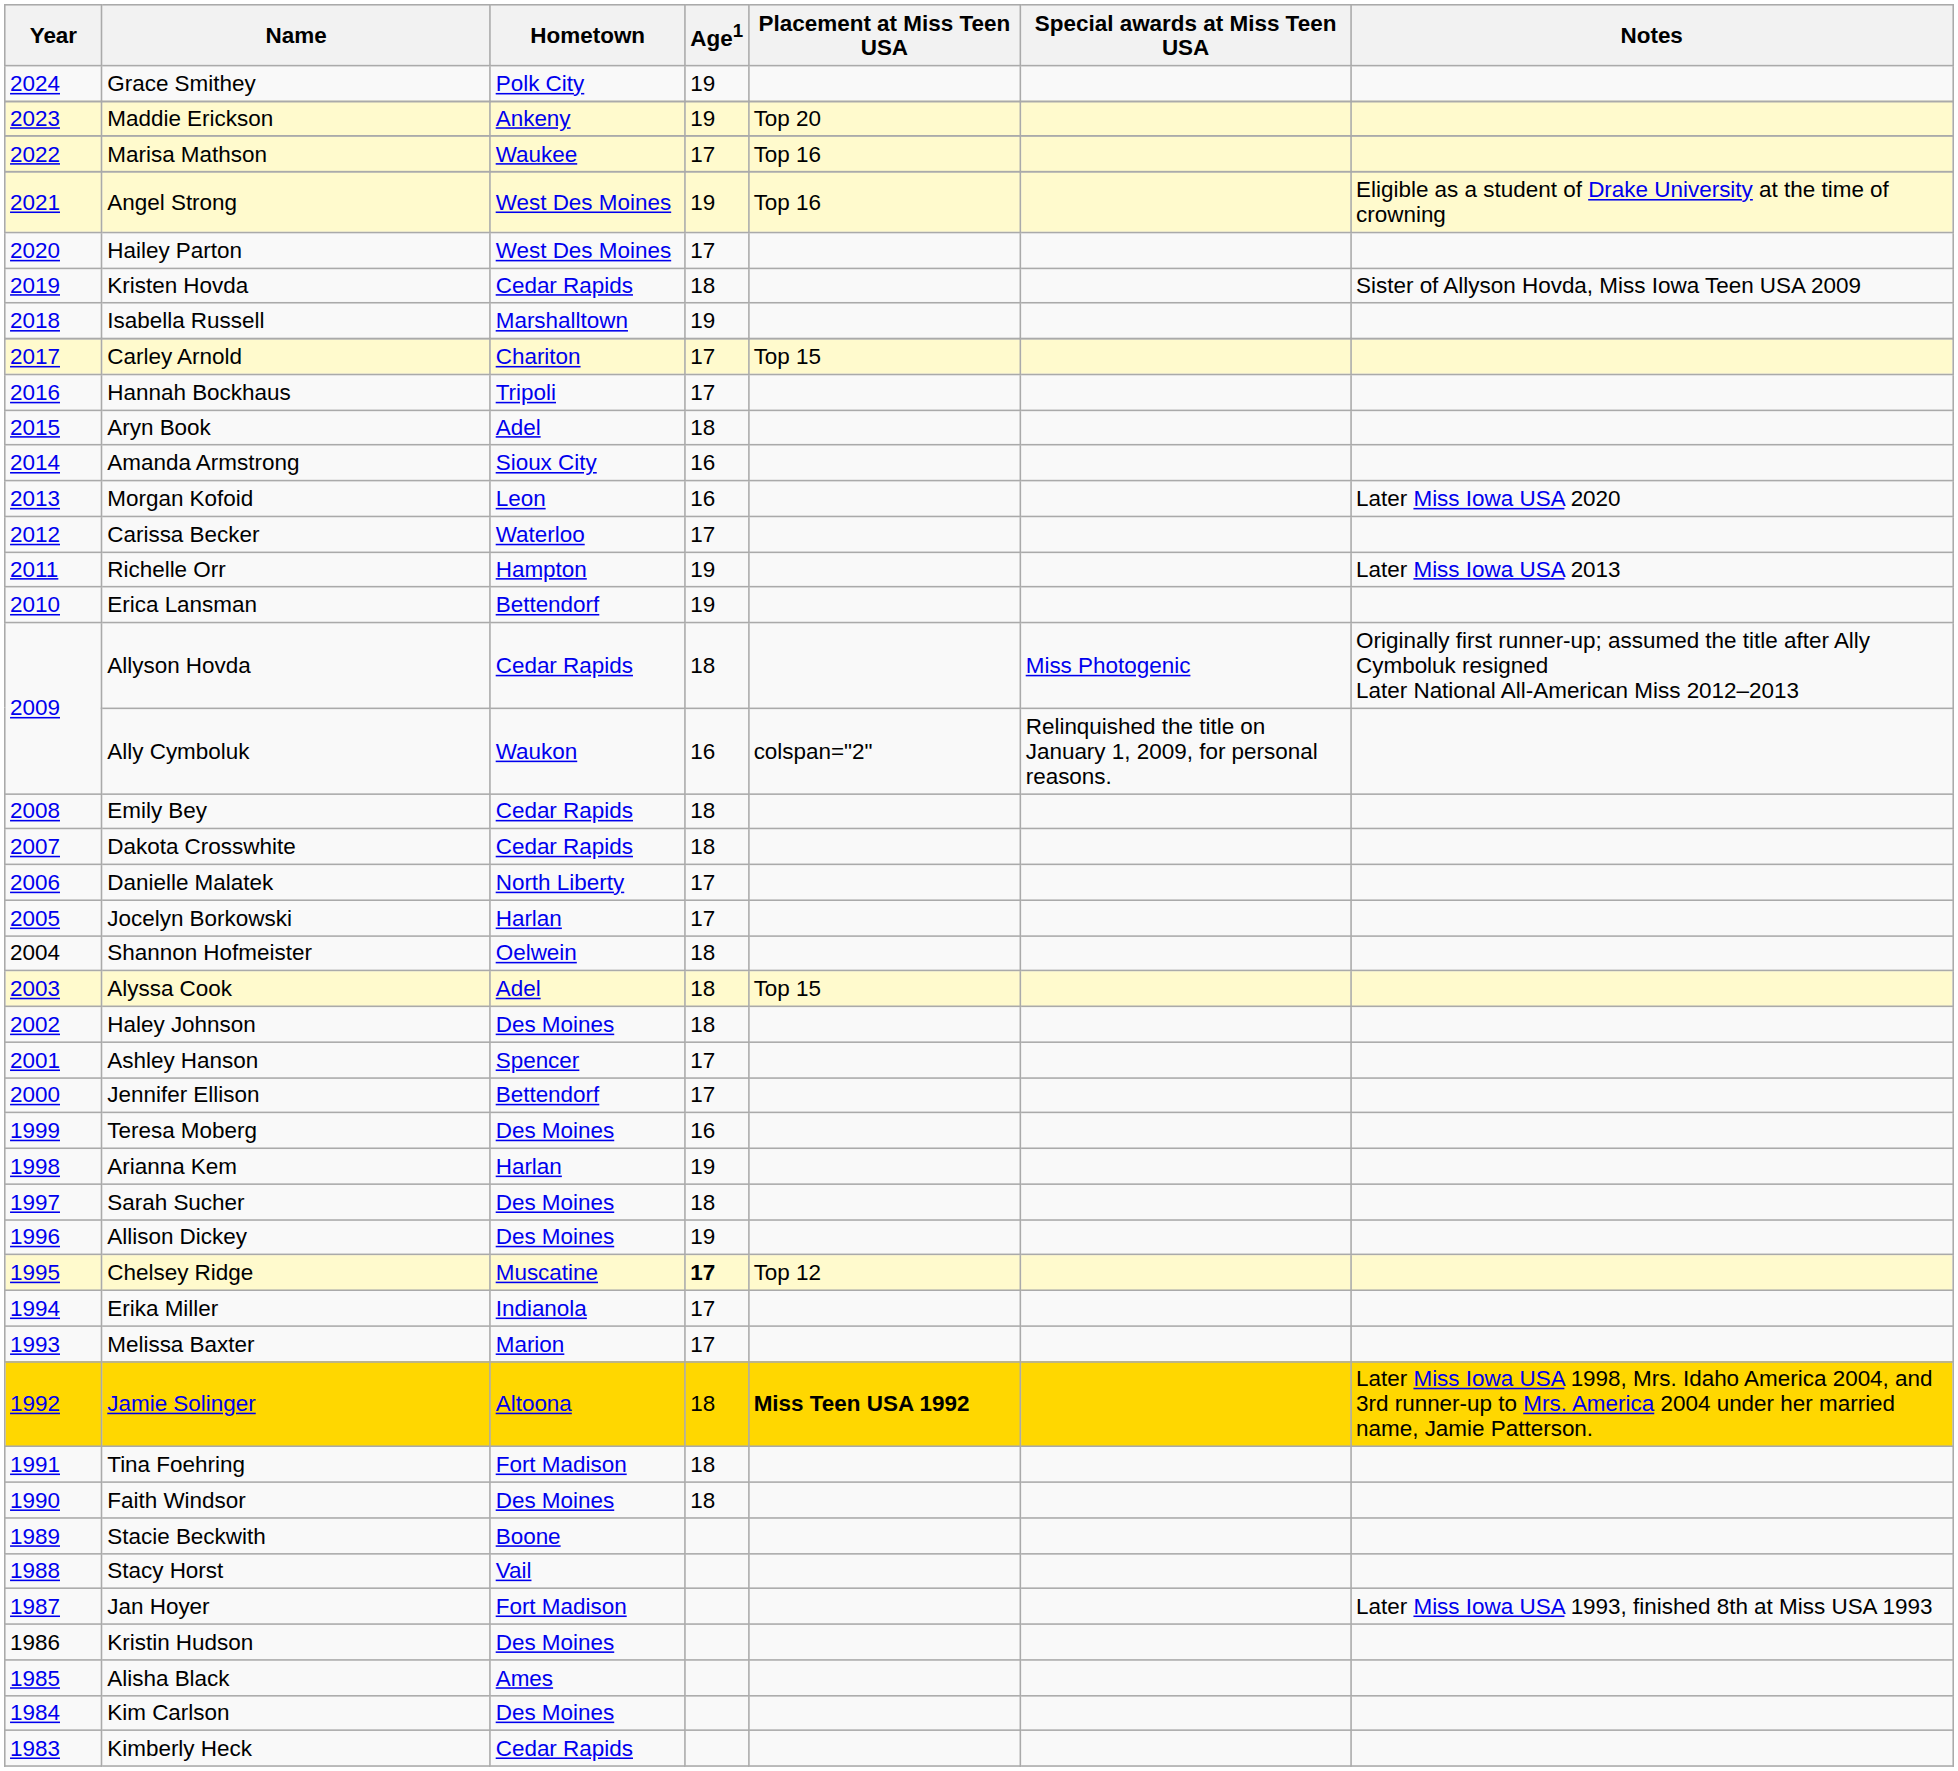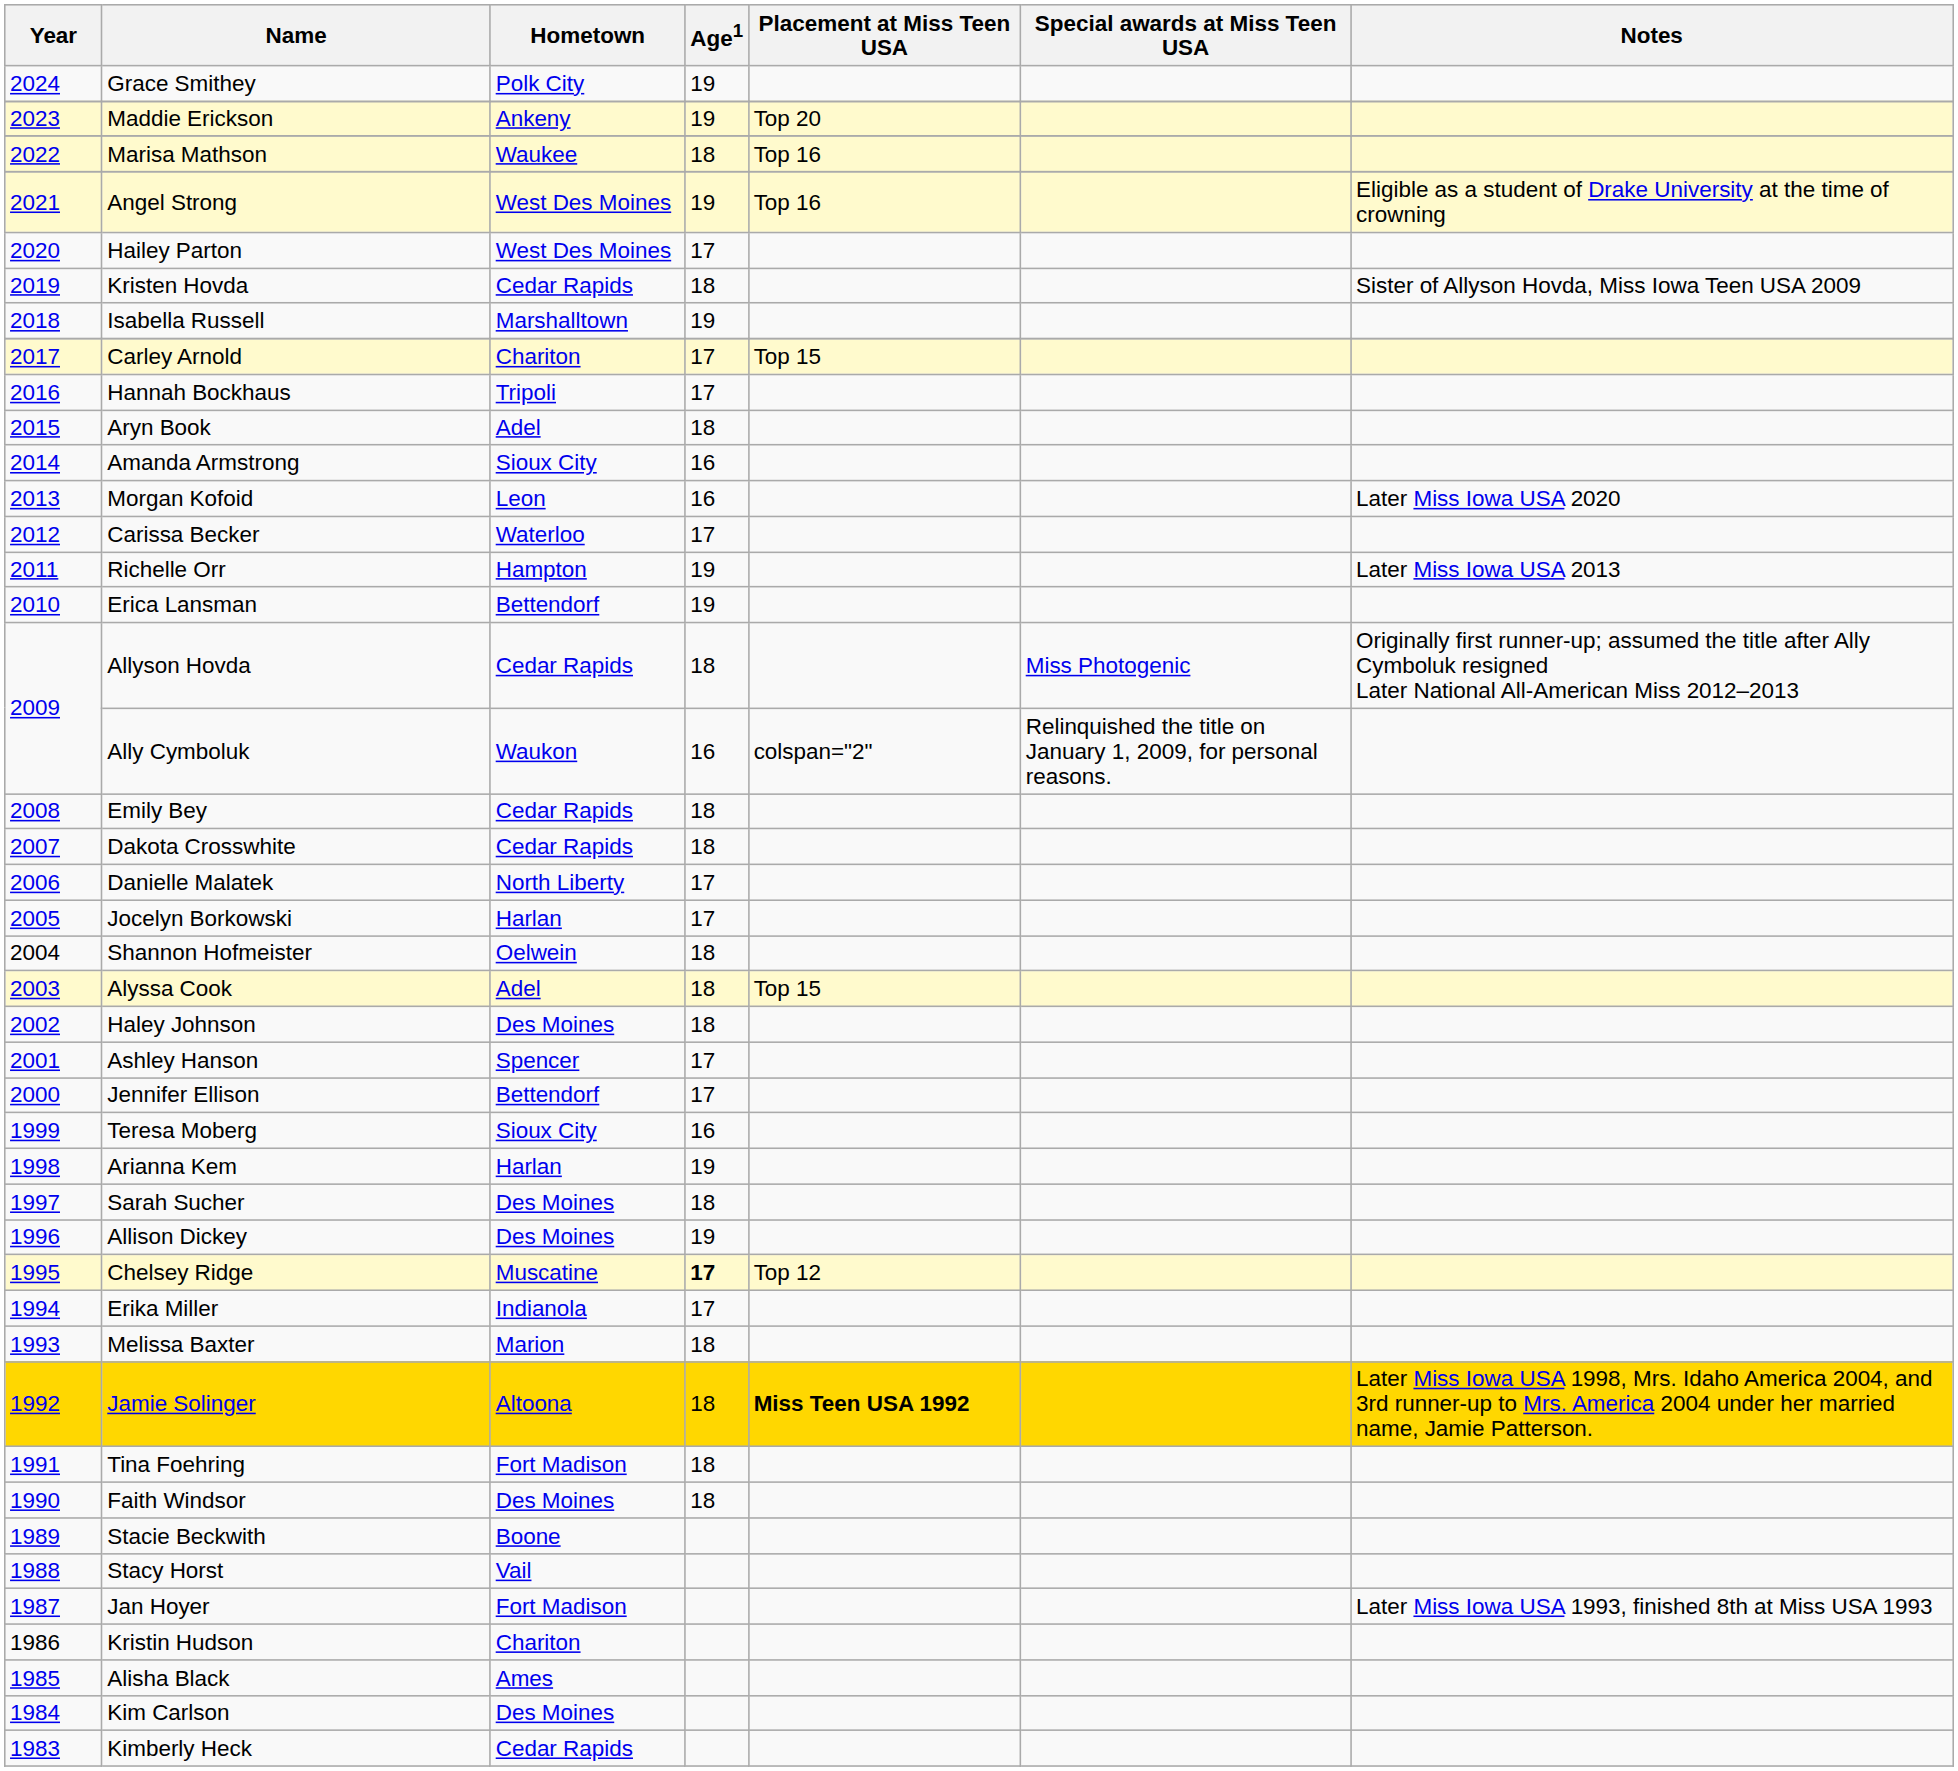 <table class="wikitable sortable" style="font-size:90%;">
 <tr bgcolor="#efefef">
 <th width=5%>Year</th>
 <th width=20%>Name</th>
 <th width=10%>Hometown</th>
 <th width=3%>Age<sup>1</sup></th>
 <th width=14%>Placement at Miss Teen USA</th>
 <th width=17%>Special awards at Miss Teen  USA</th>
 <th width=31%>Notes</th>
 </tr>
 <tr>
 <td><a href='#'>2024</a></td>
 <td>Grace Smithey</td>
 <td><a href='#'>Polk City</a></td>
 <td>19</td>
 <td></td>
 <td></td>
 <td></td>
 </tr>
 <tr>
 </tr>
 <tr style="background-color:#FFFACD">
 <td><a href='#'>2023</a></td>
 <td>Maddie Erickson</td>
 <td><a href='#'>Ankeny</a></td>
 <td>19</td>
 <td>Top 20</td>
 <td></td>
 <td></td>
 </tr>
 <tr>
 </tr>
 <tr style="background-color:#FFFACD">
 <td><a href='#'>2022</a></td>
 <td>Marisa Mathson</td>
 <td><a href='#'>Waukee</a></td>
-<td>17</td>
+<td>18</td>
 <td>Top 16</td>
 <td></td>
 <td></td>
 </tr>
 <tr>
 </tr>
 <tr style="background-color:#FFFACD">
 <td><a href='#'>2021</a></td>
 <td>Angel Strong</td>
 <td><a href='#'>West Des Moines</a></td>
 <td>19</td>
 <td>Top 16</td>
 <td></td>
 <td>Eligible as a student of <a href='#'>Drake University</a> at the time of crowning</td>
 </tr>
 <tr>
 <td><a href='#'>2020</a></td>
 <td>Hailey Parton</td>
 <td><a href='#'>West Des Moines</a></td>
 <td>17</td>
 <td></td>
 <td></td>
 <td></td>
 </tr>
 <tr>
 <td><a href='#'>2019</a></td>
 <td>Kristen Hovda</td>
 <td><a href='#'>Cedar Rapids</a></td>
 <td>18</td>
 <td></td>
 <td></td>
 <td>Sister of Allyson Hovda, Miss Iowa Teen USA 2009</td>
 </tr>
 <tr>
 <td><a href='#'>2018</a></td>
 <td>Isabella Russell</td>
 <td><a href='#'>Marshalltown</a></td>
 <td>19</td>
 <td></td>
 <td></td>
 <td></td>
 </tr>
 <tr>
 </tr>
 <tr style="background-color:#FFFACD;">
 <td><a href='#'>2017</a></td>
 <td>Carley Arnold</td>
 <td><a href='#'>Chariton</a></td>
 <td>17</td>
 <td>Top 15</td>
 <td></td>
 <td></td>
 </tr>
 <tr>
 <td><a href='#'>2016</a></td>
 <td>Hannah Bockhaus</td>
 <td><a href='#'>Tripoli</a></td>
 <td>17</td>
 <td></td>
 <td></td>
 <td></td>
 </tr>
 <tr>
 <td><a href='#'>2015</a></td>
 <td>Aryn Book</td>
 <td><a href='#'>Adel</a></td>
 <td>18</td>
 <td></td>
 <td></td>
 <td></td>
 </tr>
 <tr>
 <td><a href='#'>2014</a></td>
 <td>Amanda Armstrong</td>
 <td><a href='#'>Sioux City</a></td>
 <td>16</td>
 <td></td>
 <td></td>
 <td></td>
 </tr>
 <tr>
 <td><a href='#'>2013</a></td>
 <td>Morgan Kofoid</td>
 <td><a href='#'>Leon</a></td>
 <td>16</td>
 <td></td>
 <td></td>
 <td>Later <a href='#'>Miss Iowa USA</a> 2020</td>
 </tr>
 <tr>
 <td><a href='#'>2012</a></td>
 <td>Carissa Becker</td>
 <td><a href='#'>Waterloo</a></td>
 <td>17</td>
 <td></td>
 <td></td>
 <td></td>
 </tr>
 <tr>
 <td><a href='#'>2011</a></td>
 <td>Richelle Orr </td>
 <td><a href='#'>Hampton</a></td>
 <td>19</td>
 <td></td>
 <td></td>
 <td>Later <a href='#'>Miss Iowa USA</a> 2013</td>
 </tr>
 <tr>
 <td><a href='#'>2010</a></td>
 <td>Erica Lansman</td>
 <td><a href='#'>Bettendorf</a></td>
 <td>19</td>
 <td></td>
 <td></td>
 <td></td>
 </tr>
 <tr>
 <td rowspan=2><a href='#'>2009</a></td>
 <td>Allyson Hovda</td>
 <td><a href='#'>Cedar Rapids</a></td>
 <td>18</td>
 <td></td>
 <td><a href='#'>Miss Photogenic</a></td>
 <td>Originally first runner-up; assumed the title after Ally Cymboluk resigned<br>Later National All-American Miss 2012–2013</td>
 </tr>
 <tr>
 <td>Ally Cymboluk</td>
 <td><a href='#'>Waukon</a></td>
 <td>16</td>
 <td>colspan="2" </td>
 <td>Relinquished the title on January 1, 2009, for personal reasons.</td>
 </tr>
 <tr>
 <td><a href='#'>2008</a></td>
 <td>Emily Bey</td>
 <td><a href='#'>Cedar Rapids</a></td>
 <td>18</td>
 <td></td>
 <td></td>
 <td></td>
 </tr>
 <tr>
 <td><a href='#'>2007</a></td>
 <td>Dakota Crosswhite</td>
 <td><a href='#'>Cedar Rapids</a></td>
 <td>18</td>
 <td></td>
 <td></td>
 <td></td>
 </tr>
 <tr>
 <td><a href='#'>2006</a></td>
 <td>Danielle Malatek</td>
 <td><a href='#'>North Liberty</a></td>
 <td>17</td>
 <td></td>
 <td></td>
 <td></td>
 </tr>
 <tr>
 <td><a href='#'>2005</a></td>
 <td>Jocelyn Borkowski</td>
 <td><a href='#'>Harlan</a></td>
 <td>17</td>
 <td></td>
 <td></td>
 <td></td>
 </tr>
 <tr>
 <td>2004</td>
 <td>Shannon Hofmeister</td>
 <td><a href='#'>Oelwein</a></td>
 <td>18</td>
 <td></td>
 <td></td>
 <td></td>
 </tr>
 <tr style="background-color:#FFFACD;">
 <td><a href='#'>2003</a></td>
 <td>Alyssa Cook</td>
 <td><a href='#'>Adel</a></td>
 <td>18</td>
 <td>Top 15</td>
 <td></td>
 <td></td>
 </tr>
 <tr>
 <td><a href='#'>2002</a></td>
 <td>Haley Johnson</td>
 <td><a href='#'>Des Moines</a></td>
 <td>18</td>
 <td></td>
 <td></td>
 <td></td>
 </tr>
 <tr>
 <td><a href='#'>2001</a></td>
 <td>Ashley Hanson</td>
 <td><a href='#'>Spencer</a></td>
 <td>17</td>
 <td></td>
 <td></td>
 <td></td>
 </tr>
 <tr>
 <td><a href='#'>2000</a></td>
 <td>Jennifer Ellison</td>
 <td><a href='#'>Bettendorf</a></td>
 <td>17</td>
 <td></td>
 <td></td>
 <td></td>
 </tr>
 <tr>
 <td><a href='#'>1999</a></td>
 <td>Teresa Moberg</td>
-<td><a href='#'>Des Moines</a></td>
+<td><a href='#'>Sioux City</a></td>
 <td>16</td>
 <td></td>
 <td></td>
 <td></td>
 </tr>
 <tr>
 <td><a href='#'>1998</a></td>
 <td>Arianna Kem</td>
 <td><a href='#'>Harlan</a></td>
 <td>19</td>
 <td></td>
 <td></td>
 <td></td>
 </tr>
 <tr>
 <td><a href='#'>1997</a></td>
 <td>Sarah Sucher</td>
 <td><a href='#'>Des Moines</a></td>
 <td>18</td>
 <td></td>
 <td></td>
 <td></td>
 </tr>
 <tr>
 <td><a href='#'>1996</a></td>
 <td>Allison Dickey</td>
 <td><a href='#'>Des Moines</a></td>
 <td>19</td>
 <td></td>
 <td></td>
 <td></td>
 </tr>
 <tr style="background-color:#FFFACD;">
 <td><a href='#'>1995</a></td>
 <td>Chelsey Ridge</td>
 <td><a href='#'>Muscatine</a></td>
 <td><strong>17</strong></td>
 <td>Top 12</td>
 <td></td>
 <td></td>
 </tr>
 <tr>
 <td><a href='#'>1994</a></td>
 <td>Erika Miller</td>
 <td><a href='#'>Indianola</a></td>
 <td>17</td>
 <td></td>
 <td></td>
 <td></td>
 </tr>
 <tr>
 <td><a href='#'>1993</a></td>
 <td>Melissa Baxter</td>
 <td><a href='#'>Marion</a></td>
-<td>17</td>
+<td>18</td>
 <td></td>
 <td></td>
 <td></td>
 </tr>
 <tr style="background-color:GOLD;">
 <td><a href='#'>1992</a></td>
 <td><a href='#'>Jamie Solinger</a></td>
 <td><a href='#'>Altoona</a></td>
 <td>18</td>
 <td><strong>Miss Teen USA 1992</strong></td>
 <td></td>
 <td>Later <a href='#'>Miss Iowa USA</a> 1998, Mrs. Idaho America 2004, and 3rd runner-up to <a href='#'>Mrs. America</a> 2004 under her married name, Jamie Patterson.</td>
 </tr>
 <tr>
 <td><a href='#'>1991</a></td>
 <td>Tina Foehring</td>
 <td><a href='#'>Fort Madison</a></td>
 <td>18</td>
 <td></td>
 <td></td>
 <td></td>
 </tr>
 <tr>
 <td><a href='#'>1990</a></td>
 <td>Faith Windsor</td>
 <td><a href='#'>Des Moines</a></td>
 <td>18</td>
 <td></td>
 <td></td>
 <td></td>
 </tr>
 <tr>
 <td><a href='#'>1989</a></td>
 <td>Stacie Beckwith</td>
 <td><a href='#'>Boone</a></td>
 <td></td>
 <td></td>
 <td></td>
 <td></td>
 </tr>
 <tr>
 <td><a href='#'>1988</a></td>
 <td>Stacy Horst</td>
 <td><a href='#'>Vail</a></td>
 <td></td>
 <td></td>
 <td></td>
 <td></td>
 </tr>
 <tr>
 <td><a href='#'>1987</a></td>
 <td>Jan Hoyer</td>
 <td><a href='#'>Fort Madison</a></td>
 <td></td>
 <td></td>
 <td></td>
 <td>Later <a href='#'>Miss Iowa USA</a> 1993, finished 8th at Miss USA 1993</td>
 </tr>
 <tr>
 <td>1986</td>
 <td>Kristin Hudson</td>
-<td><a href='#'>Des Moines</a></td>
+<td><a href='#'>Chariton</a></td>
 <td></td>
 <td></td>
 <td></td>
 <td></td>
 </tr>
 <tr>
 <td><a href='#'>1985</a></td>
 <td>Alisha Black</td>
 <td><a href='#'>Ames</a></td>
 <td></td>
 <td></td>
 <td></td>
 <td></td>
 </tr>
 <tr>
 <td><a href='#'>1984</a></td>
 <td>Kim Carlson</td>
 <td><a href='#'>Des Moines</a></td>
 <td></td>
 <td></td>
 <td></td>
 <td></td>
 </tr>
 <tr>
 <td><a href='#'>1983</a></td>
 <td>Kimberly Heck</td>
 <td><a href='#'>Cedar Rapids</a></td>
 <td></td>
 <td></td>
 <td></td>
 <td></td>
 </tr>
 </table>
